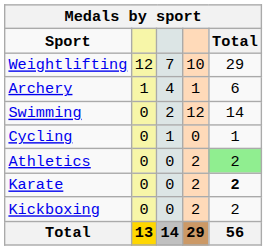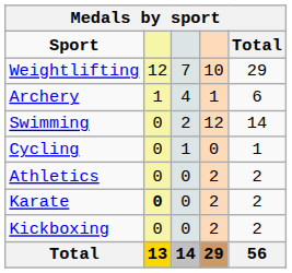 <table class="wikitable" style="text-align:center; font-size:85%; float:left">
 <tr style="background:#efefef;">
 <th colspan=5><strong>Medals by sport</strong></th>
 </tr>
 <tr>
 <td><strong>Sport</strong></td>
 <th style="background:#f7f6a8;"></th>
 <th style="background:#dce5e5;"></th>
 <th style="background:#ffdab9;"></th>
 <th><strong>Total</strong></th>
 </tr>
 <tr>
 <td style="text-align:left"><a href='#'>Weightlifting</a></td>
 <td style="background:#f7f6a8;">12</td>
 <td style="background:#dce5e5;">7</td>
 <td style="background:#ffdab9;">10</td>
 <td>29</td>
 </tr>
 <tr>
 <td style="text-align:left"><a href='#'>Archery</a></td>
 <td style="background:#f7f6a8;">1</td>
 <td style="background:#dce5e5;">4</td>
 <td style="background:#ffdab9;">1</td>
 <td>6</td>
 </tr>
 <tr>
 <td style="text-align:left"><a href='#'>Swimming</a></td>
 <td style="background:#f7f6a8;">0</td>
 <td style="background:#dce5e5;">2</td>
 <td style="background:#ffdab9;">12</td>
 <td>14</td>
 </tr>
 <tr>
 <td style="text-align:left"><a href='#'>Cycling</a></td>
 <td style="background:#f7f6a8;">0</td>
 <td style="background:#dce5e5;">1</td>
 <td style="background:#ffdab9;">0</td>
 <td>1</td>
 </tr>
 <tr>
 <td style="text-align:left"><a href='#'>Athletics</a></td>
 <td style="background:#f7f6a8;">0</td>
 <td style="background:#dce5e5;">0</td>
 <td style="background:#ffdab9;">2</td>
-<td style="background: lightgreen;">2</td>
+<td>2</td>
 </tr>
 <tr>
 <td style="text-align:left"><a href='#'>Karate</a></td>
-<td style="background:#f7f6a8;">0</td>
+<td style="background:#f7f6a8;"><strong>0</strong></td>
 <td style="background:#dce5e5;">0</td>
 <td style="background:#ffdab9;">2</td>
-<td><strong>2</strong></td>
+<td>2</td>
 </tr>
 <tr>
 <td style="text-align:left"><a href='#'>Kickboxing</a></td>
 <td style="background:#f7f6a8;">0</td>
 <td style="background:#dce5e5;">0</td>
 <td style="background:#ffdab9;">2</td>
 <td>2</td>
 </tr>
 <tr>
 <th><strong>Total</strong></th>
 <th style="background:gold;"><strong>13</strong></th>
 <th style="background:silver;"><strong>14</strong></th>
 <th style="background:#c96;"><strong>29</strong></th>
 <th><strong>56</strong></th>
 </tr>
 </table>
